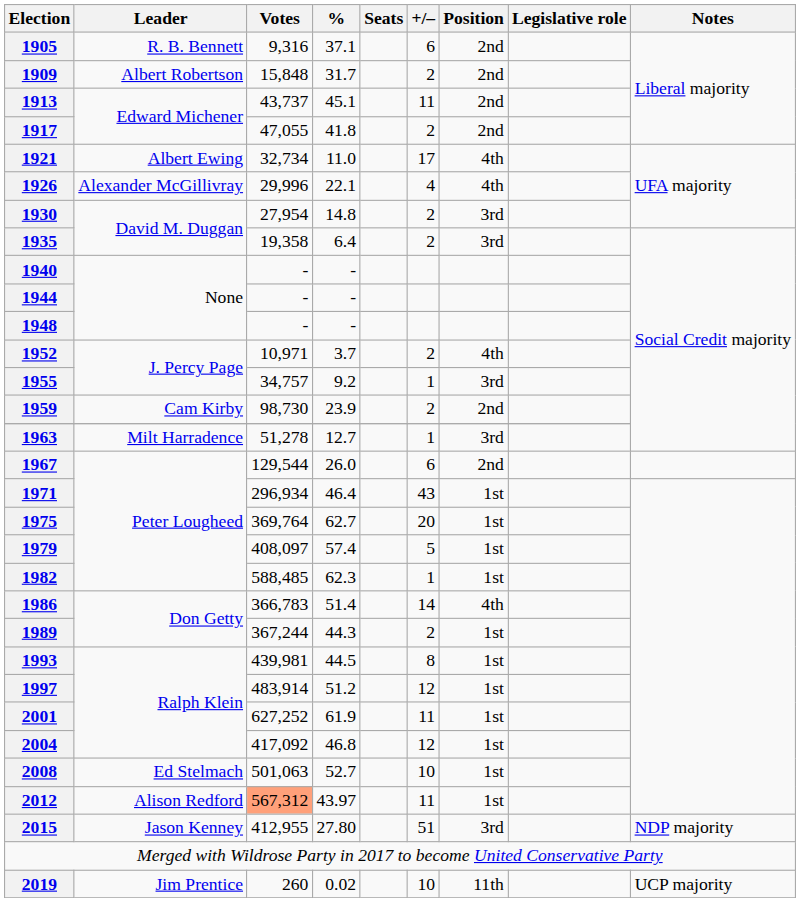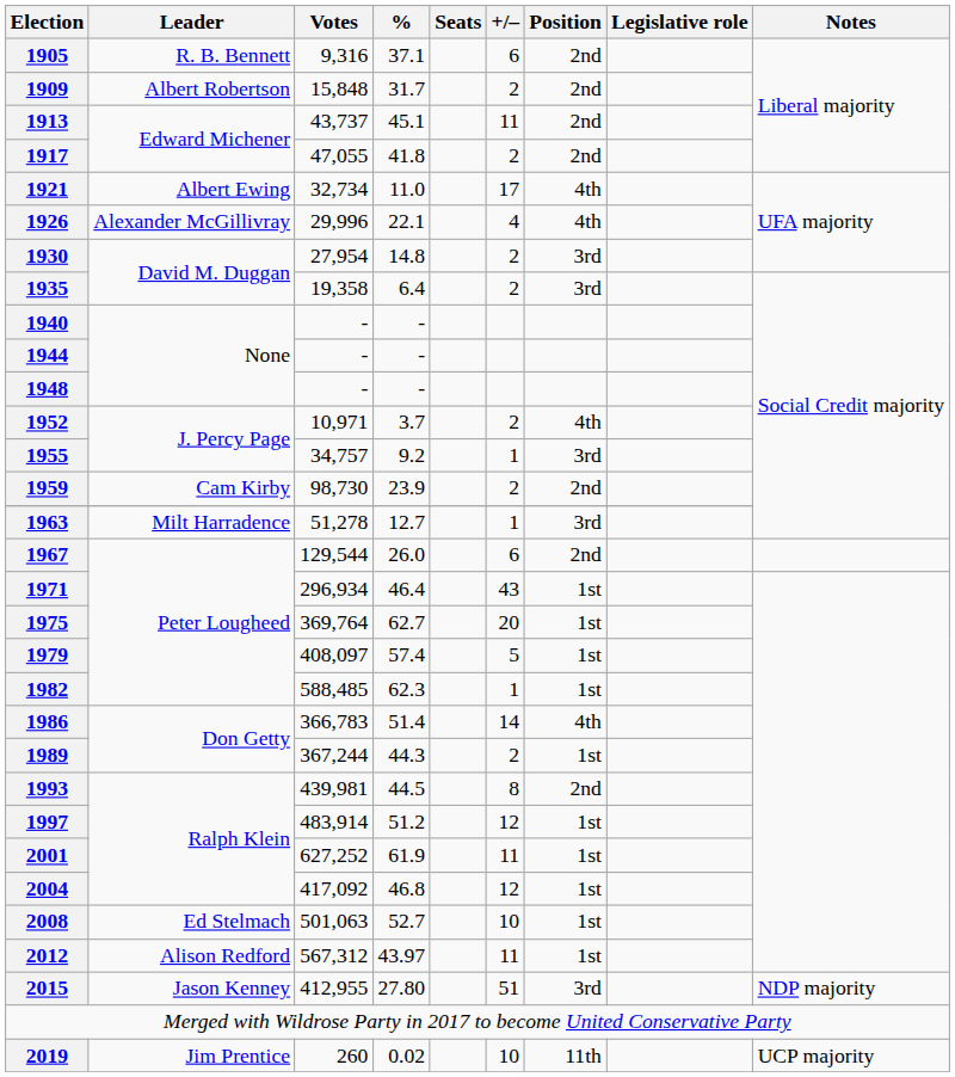 <table class=wikitable style="text-align: right;">
 <tr>
 <th>Election</th>
 <th>Leader</th>
 <th>Votes</th>
 <th>%</th>
 <th>Seats</th>
 <th>+/–</th>
 <th>Position</th>
 <th>Legislative role</th>
 <th>Notes</th>
 </tr>
 <tr>
 <th><a href='#'>1905</a></th>
 <td><a href='#'>R. B. Bennett</a></td>
 <td>9,316</td>
 <td>37.1</td>
 <td></td>
 <td> 6</td>
 <td> 2nd</td>
 <td></td>
 <td rowspan=4 style="text-align: left;"><a href='#'>Liberal</a> majority</td>
 </tr>
 <tr>
 <th><a href='#'>1909</a></th>
 <td><a href='#'>Albert Robertson</a></td>
 <td>15,848</td>
 <td>31.7</td>
 <td></td>
 <td> 2</td>
 <td> 2nd</td>
 <td></td>
 </tr>
 <tr>
 <th><a href='#'>1913</a></th>
 <td rowspan=2><a href='#'>Edward Michener</a></td>
 <td>43,737</td>
 <td>45.1</td>
 <td></td>
 <td> 11</td>
 <td> 2nd</td>
 <td></td>
 </tr>
 <tr>
 <th><a href='#'>1917</a></th>
 <td>47,055</td>
 <td>41.8</td>
 <td></td>
 <td> 2</td>
 <td> 2nd</td>
 <td></td>
 </tr>
 <tr>
 <th><a href='#'>1921</a></th>
 <td><a href='#'>Albert Ewing</a></td>
 <td>32,734</td>
 <td>11.0</td>
 <td></td>
 <td> 17</td>
 <td> 4th</td>
 <td></td>
 <td rowspan=3 style="text-align: left;"><a href='#'>UFA</a> majority</td>
 </tr>
 <tr>
 <th><a href='#'>1926</a></th>
 <td><a href='#'>Alexander McGillivray</a></td>
 <td>29,996</td>
 <td>22.1</td>
 <td></td>
 <td> 4</td>
 <td> 4th</td>
 <td></td>
 </tr>
 <tr>
 <th><a href='#'>1930</a></th>
 <td rowspan=2><a href='#'>David M. Duggan</a></td>
 <td>27,954</td>
 <td>14.8</td>
 <td></td>
 <td> 2</td>
 <td> 3rd</td>
 <td></td>
 </tr>
 <tr>
 <th><a href='#'>1935</a></th>
 <td>19,358</td>
 <td>6.4</td>
 <td></td>
 <td> 2</td>
 <td> 3rd</td>
 <td></td>
 <td rowspan=9 style="text-align: left;"><a href='#'>Social Credit</a> majority</td>
 </tr>
 <tr>
 <th><a href='#'>1940</a></th>
 <td rowspan=3>None</td>
 <td>-</td>
 <td>-</td>
 <td></td>
 <td></td>
 <td></td>
 <td></td>
 </tr>
 <tr>
 <th><a href='#'>1944</a></th>
 <td>-</td>
 <td>-</td>
 <td></td>
 <td></td>
 <td></td>
 <td></td>
 </tr>
 <tr>
 <th><a href='#'>1948</a></th>
 <td>-</td>
 <td>-</td>
 <td></td>
 <td></td>
 <td></td>
 <td></td>
 </tr>
 <tr>
 <th><a href='#'>1952</a></th>
 <td rowspan=2><a href='#'>J. Percy Page</a></td>
 <td>10,971</td>
 <td>3.7</td>
 <td></td>
 <td> 2</td>
 <td> 4th</td>
 <td></td>
 </tr>
 <tr>
 <th><a href='#'>1955</a></th>
 <td>34,757</td>
 <td>9.2</td>
 <td></td>
 <td> 1</td>
 <td> 3rd</td>
 <td></td>
 </tr>
 <tr>
 <th><a href='#'>1959</a></th>
 <td><a href='#'>Cam Kirby</a></td>
 <td>98,730</td>
 <td>23.9</td>
 <td></td>
 <td> 2</td>
 <td> 2nd</td>
 <td></td>
 </tr>
 <tr>
 </tr>
 <tr>
 <th><a href='#'>1963</a></th>
 <td><a href='#'>Milt Harradence</a></td>
 <td>51,278</td>
 <td>12.7</td>
 <td></td>
 <td> 1</td>
 <td> 3rd</td>
 <td></td>
 </tr>
 <tr>
 <th><a href='#'>1967</a></th>
 <td rowspan=5><a href='#'>Peter Lougheed</a></td>
 <td>129,544</td>
 <td>26.0</td>
 <td></td>
 <td> 6</td>
 <td> 2nd</td>
 <td></td>
 </tr>
 <tr>
 <th><a href='#'>1971</a></th>
 <td>296,934</td>
 <td>46.4</td>
 <td></td>
 <td> 43</td>
 <td> 1st</td>
 <td></td>
 <td rowspan=12></td>
 </tr>
 <tr>
 <th><a href='#'>1975</a></th>
 <td>369,764</td>
 <td>62.7</td>
 <td></td>
 <td> 20</td>
 <td> 1st</td>
 <td></td>
 </tr>
 <tr>
 <th><a href='#'>1979</a></th>
 <td>408,097</td>
 <td>57.4</td>
 <td></td>
 <td> 5</td>
 <td> 1st</td>
 <td></td>
 </tr>
 <tr>
 <th><a href='#'>1982</a></th>
 <td>588,485</td>
 <td>62.3</td>
 <td></td>
 <td> 1</td>
 <td> 1st</td>
 <td></td>
 </tr>
 <tr>
 <th><a href='#'>1986</a></th>
 <td rowspan=2><a href='#'>Don Getty</a></td>
 <td>366,783</td>
 <td>51.4</td>
 <td></td>
 <td> 14</td>
 <td> 4th</td>
 <td></td>
 </tr>
 <tr>
 <th><a href='#'>1989</a></th>
 <td>367,244</td>
 <td>44.3</td>
 <td></td>
 <td> 2</td>
 <td> 1st</td>
 <td></td>
 </tr>
 <tr>
 <th><a href='#'>1993</a></th>
 <td rowspan=4><a href='#'>Ralph Klein</a></td>
 <td>439,981</td>
 <td>44.5</td>
 <td></td>
 <td> 8</td>
-<td> 1st</td>
+<td> 2nd</td>
 <td></td>
 </tr>
 <tr>
 <th><a href='#'>1997</a></th>
 <td>483,914</td>
 <td>51.2</td>
 <td></td>
 <td> 12</td>
 <td> 1st</td>
 <td></td>
 </tr>
 <tr>
 <th><a href='#'>2001</a></th>
 <td>627,252</td>
 <td>61.9</td>
 <td></td>
 <td> 11</td>
 <td> 1st</td>
 <td></td>
 </tr>
 <tr>
 <th><a href='#'>2004</a></th>
 <td>417,092</td>
 <td>46.8</td>
 <td></td>
 <td> 12</td>
 <td> 1st</td>
 <td></td>
 </tr>
 <tr>
 <th><a href='#'>2008</a></th>
 <td><a href='#'>Ed Stelmach</a></td>
 <td>501,063</td>
 <td>52.7</td>
 <td></td>
 <td> 10</td>
 <td> 1st</td>
 <td></td>
 </tr>
 <tr>
 <th><a href='#'>2012</a></th>
 <td><a href='#'>Alison Redford</a></td>
-<td style="background: lightsalmon;">567,312</td>
+<td>567,312</td>
 <td>43.97</td>
 <td></td>
 <td> 11</td>
 <td> 1st</td>
 <td></td>
 </tr>
 <tr>
 <th><a href='#'>2015</a></th>
 <td><a href='#'>Jason Kenney</a></td>
 <td>412,955</td>
 <td>27.80</td>
 <td></td>
 <td> 51</td>
 <td> 3rd</td>
 <td></td>
 <td style="text-align: left;"><a href='#'>NDP</a> majority</td>
 </tr>
 <tr>
 <td colspan=9 style="text-align: center;"><em>Merged with Wildrose Party in 2017 to become <a href='#'>United Conservative Party</a></em></td>
 </tr>
 <tr>
 <th><a href='#'>2019</a></th>
 <td><a href='#'>Jim Prentice</a></td>
 <td>260</td>
 <td>0.02</td>
 <td></td>
 <td> 10</td>
 <td> 11th</td>
 <td></td>
 <td style="text-align: left;">UCP majority</td>
 </tr>
 </table>
